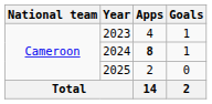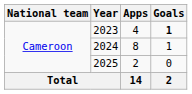 <table class=wikitable style=text-align:center>
 <tr>
 <th>National team</th>
 <th>Year</th>
 <th>Apps</th>
 <th>Goals</th>
 </tr>
 <tr>
 <td rowspan="3"><a href='#'>Cameroon</a></td>
 <td>2023</td>
 <td>4</td>
-<td>1</td>
+<td><strong>1</strong></td>
 </tr>
 <tr>
 <td>2024</td>
-<td><strong>8</strong></td>
+<td>8</td>
 <td>1</td>
 </tr>
 <tr>
 <td>2025</td>
 <td>2</td>
 <td>0</td>
 </tr>
 <tr>
 <th colspan="2">Total</th>
 <th>14</th>
 <th>2</th>
 </tr>
 </table>
